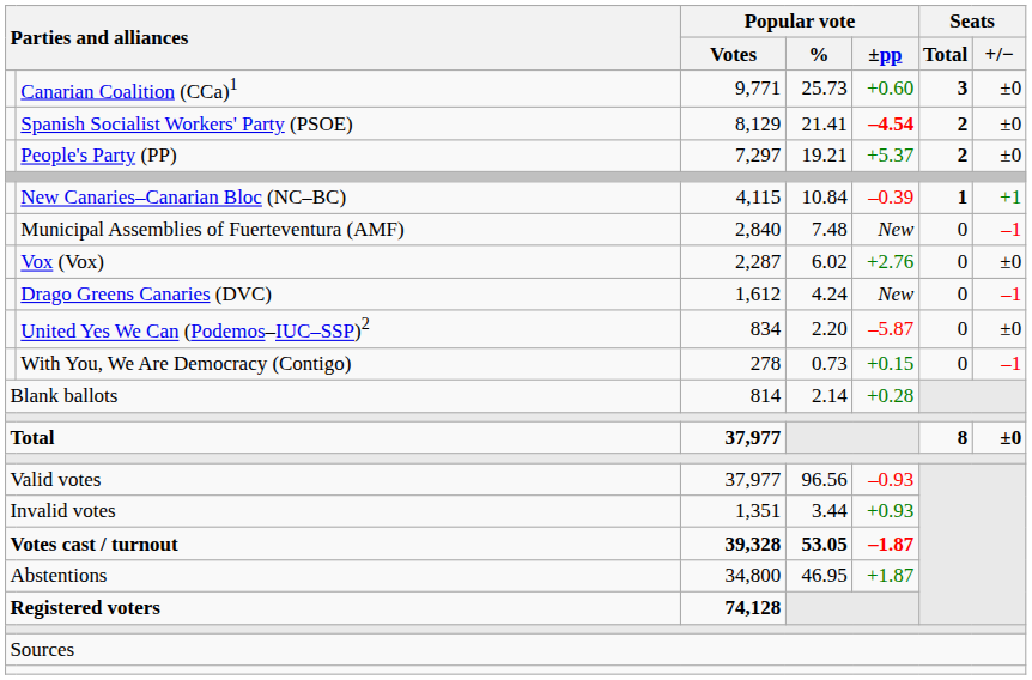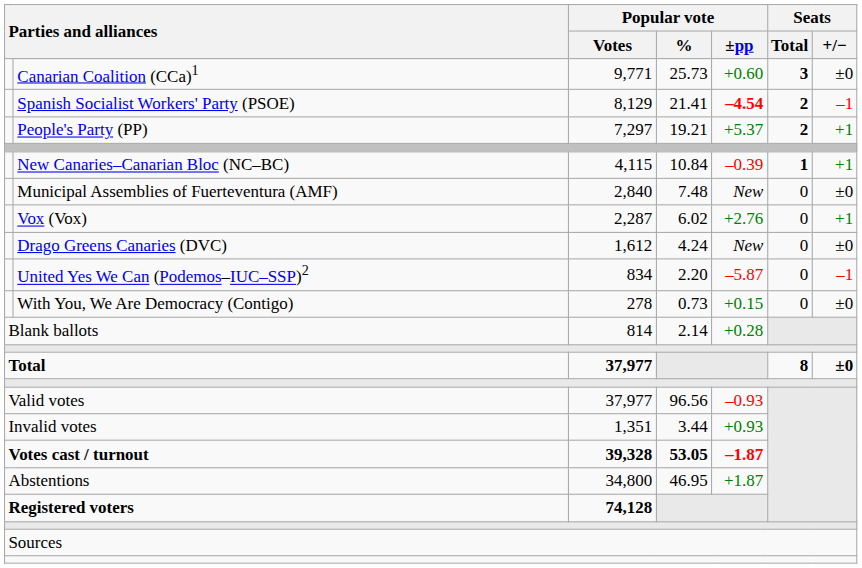 <table class="wikitable" style="text-align:right;">
 <tr>
 <th style="text-align:left;" rowspan="2" colspan="2" width="525">Parties and alliances</th>
 <th colspan="3">Popular vote</th>
 <th colspan="2">Seats</th>
 </tr>
 <tr>
 <th width="75">Votes</th>
 <th width="45">%</th>
 <th width="45">±<a href='#'>pp</a></th>
 <th width="35">Total</th>
 <th width="35">+/−</th>
 </tr>
 <tr>
 <td width="1" style="color:inherit;background:"></td>
 <td align="left"><a href='#'>Canarian Coalition</a> (CCa)<sup>1</sup></td>
 <td>9,771</td>
 <td>25.73</td>
 <td style="color:green;">+0.60</td>
 <td><strong>3</strong></td>
 <td>±0</td>
 </tr>
 <tr>
 <td style="color:inherit;background:"></td>
 <td align="left"><a href='#'>Spanish Socialist Workers' Party</a> (PSOE)</td>
 <td>8,129</td>
 <td>21.41</td>
 <td style="color:red;"><strong>–4.54</strong></td>
 <td><strong>2</strong></td>
-<td>±0</td>
+<td style="color:red;">–1</td>
 </tr>
 <tr>
 <td style="color:inherit;background:"></td>
 <td align="left"><a href='#'>People's Party</a> (PP)</td>
 <td>7,297</td>
 <td>19.21</td>
 <td style="color:green;">+5.37</td>
 <td><strong>2</strong></td>
-<td>±0</td>
+<td style="color:green;">+1</td>
 </tr>
 <tr>
 <td colspan="7" bgcolor="#C0C0C0"></td>
 </tr>
 <tr>
 <td style="color:inherit;background:"></td>
 <td align="left"><a href='#'>New Canaries–Canarian Bloc</a> (NC–BC)</td>
 <td>4,115</td>
 <td>10.84</td>
 <td style="color:red;">–0.39</td>
 <td><strong>1</strong></td>
 <td style="color:green;">+1</td>
 </tr>
 <tr>
 <td style="color:inherit;background:"></td>
 <td align="left">Municipal Assemblies of Fuerteventura (AMF)</td>
 <td>2,840</td>
 <td>7.48</td>
 <td><em>New</em></td>
 <td>0</td>
-<td style="color:red;">–1</td>
+<td>±0</td>
 </tr>
 <tr>
 <td style="color:inherit;background:"></td>
 <td align="left"><a href='#'>Vox</a> (Vox)</td>
 <td>2,287</td>
 <td>6.02</td>
 <td style="color:green;">+2.76</td>
 <td>0</td>
-<td>±0</td>
+<td style="color:green;">+1</td>
 </tr>
 <tr>
 <td style="color:inherit;background:"></td>
 <td align="left"><a href='#'>Drago Greens Canaries</a> (DVC)</td>
 <td>1,612</td>
 <td>4.24</td>
 <td><em>New</em></td>
 <td>0</td>
-<td style="color:red;">–1</td>
+<td>±0</td>
 </tr>
 <tr>
 <td style="color:inherit;background:"></td>
 <td align="left"><a href='#'>United Yes We Can</a> (<a href='#'>Podemos</a>–<a href='#'>IUC–SSP</a>)<sup>2</sup></td>
 <td>834</td>
 <td>2.20</td>
 <td style="color:red;">–5.87</td>
 <td>0</td>
-<td>±0</td>
+<td style="color:red;">–1</td>
 </tr>
 <tr>
 <td style="color:inherit;background:"></td>
 <td align="left">With You, We Are Democracy (Contigo)</td>
 <td>278</td>
 <td>0.73</td>
 <td style="color:green;">+0.15</td>
 <td>0</td>
-<td style="color:red;">–1</td>
+<td>±0</td>
 </tr>
 <tr>
 <td align="left" colspan="2">Blank ballots</td>
 <td>814</td>
 <td>2.14</td>
 <td style="color:green;">+0.28</td>
 <td bgcolor="#E9E9E9" colspan="2"></td>
 </tr>
 <tr>
 <td colspan="7" bgcolor="#E9E9E9"></td>
 </tr>
 <tr style="font-weight:bold;">
 <td align="left" colspan="2">Total</td>
 <td>37,977</td>
 <td bgcolor="#E9E9E9" colspan="2"></td>
 <td>8</td>
 <td>±0</td>
 </tr>
 <tr>
 <td colspan="7" bgcolor="#E9E9E9"></td>
 </tr>
 <tr>
 <td align="left" colspan="2">Valid votes</td>
 <td>37,977</td>
 <td>96.56</td>
 <td style="color:red;">–0.93</td>
 <td bgcolor="#E9E9E9" colspan="2" rowspan="5"></td>
 </tr>
 <tr>
 <td align="left" colspan="2">Invalid votes</td>
 <td>1,351</td>
 <td>3.44</td>
 <td style="color:green;">+0.93</td>
 </tr>
 <tr style="font-weight:bold;">
 <td align="left" colspan="2">Votes cast / turnout</td>
 <td>39,328</td>
 <td>53.05</td>
 <td style="color:red;">–1.87</td>
 </tr>
 <tr>
 <td align="left" colspan="2">Abstentions</td>
 <td>34,800</td>
 <td>46.95</td>
 <td style="color:green;">+1.87</td>
 </tr>
 <tr style="font-weight:bold;">
 <td align="left" colspan="2">Registered voters</td>
 <td>74,128</td>
 <td bgcolor="#E9E9E9" colspan="2"></td>
 </tr>
 <tr>
 <td colspan="7" bgcolor="#E9E9E9"></td>
 </tr>
 <tr>
 <td align="left" colspan="7">Sources</td>
 </tr>
 <tr>
 <td colspan="9" style="text-align:left;font-size:95%;max-width:790px;"></td>
 </tr>
 </table>
